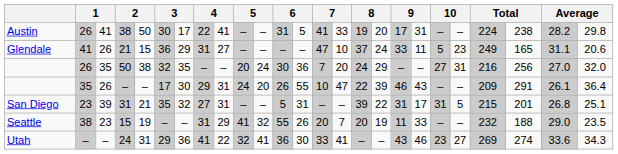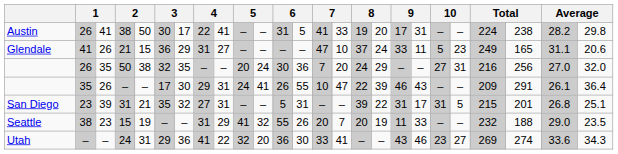 <table class="wikitable" style="text-align:center; font-size:96%;">
 <tr>
 <th></th>
 <th colspan=2 style="width:3.1em;">1</th>
 <th colspan=2 style="width:3.1em;">2</th>
 <th colspan=2 style="width:3.1em;">3</th>
 <th colspan=2 style="width:3.1em;">4</th>
 <th colspan=2 style="width:3.1em;">5</th>
 <th colspan=2 style="width:3.1em;">6</th>
 <th colspan=2 style="width:3.1em;">7</th>
 <th colspan=2 style="width:3.1em;">8</th>
 <th colspan=2 style="width:3.1em;">9</th>
 <th colspan=2 style="width:3.1em;">10</th>
 <th colspan=2 style="width:6.0em;">Total</th>
 <th colspan=2 style="width:6.0em;">Average</th>
 </tr>
 <tr>
 <td style="text-align:left; width:6.0em;"><a href='#'>Austin</a></td>
 <td style="background:#ccc;">26</td>
 <td>41</td>
 <td style="background:#ccc;">38</td>
 <td>50</td>
 <td style="background:#ccc;">30</td>
 <td>17</td>
 <td style="background:#ccc;">22</td>
 <td>41</td>
 <td style="background:#ccc;">–</td>
 <td>–</td>
 <td style="background:#ccc;">31</td>
 <td>5</td>
 <td style="background:#ccc;">41</td>
 <td>33</td>
 <td style="background:#ccc;">19</td>
 <td>20</td>
 <td style="background:#ccc;">17</td>
 <td>31</td>
 <td style="background:#ccc;">–</td>
 <td>–</td>
 <td style="background:#ccc;">224</td>
 <td>238</td>
 <td style="background:#ccc;">28.2</td>
 <td>29.8</td>
 </tr>
 <tr>
 <td align=left><a href='#'>Glendale</a></td>
 <td style="background:#ccc;">41</td>
 <td>26</td>
 <td style="background:#ccc;">21</td>
 <td>15</td>
 <td style="background:#ccc;">36</td>
 <td>29</td>
 <td style="background:#ccc;">31</td>
 <td>27</td>
 <td style="background:#ccc;">–</td>
 <td>–</td>
 <td style="background:#ccc;">–</td>
 <td>–</td>
 <td style="background:#ccc;">47</td>
 <td>10</td>
 <td style="background:#ccc;">37</td>
 <td>24</td>
 <td style="background:#ccc;">33</td>
 <td>11</td>
 <td style="background:#ccc;">5</td>
 <td>23</td>
 <td style="background:#ccc;">249</td>
 <td>165</td>
 <td style="background:#ccc;">31.1</td>
 <td>20.6</td>
 </tr>
 <tr>
 <td align=left></td>
 <td style="background:#ccc;">26</td>
 <td>35</td>
 <td style="background:#ccc;">50</td>
 <td>38</td>
 <td style="background:#ccc;">32</td>
 <td>35</td>
 <td style="background:#ccc;">–</td>
 <td>–</td>
 <td style="background:#ccc;">20</td>
 <td>24</td>
 <td style="background:#ccc;">30</td>
 <td>36</td>
 <td style="background:#ccc;">7</td>
 <td>20</td>
 <td style="background:#ccc;">24</td>
 <td>29</td>
 <td style="background:#ccc;">–</td>
 <td>–</td>
 <td style="background:#ccc;">27</td>
 <td>31</td>
 <td style="background:#ccc;">216</td>
 <td>256</td>
 <td style="background:#ccc;">27.0</td>
 <td>32.0</td>
 </tr>
 <tr>
 <td align=left></td>
 <td style="background:#ccc;">35</td>
 <td>26</td>
 <td style="background:#ccc;">–</td>
 <td>–</td>
 <td style="background:#ccc;">17</td>
 <td>30</td>
 <td style="background:#ccc;">29</td>
 <td>31</td>
 <td style="background:#ccc;">24</td>
-<td>20</td>
+<td>41</td>
 <td style="background:#ccc;">26</td>
 <td>55</td>
 <td style="background:#ccc;">10</td>
 <td>47</td>
 <td style="background:#ccc;">22</td>
 <td>39</td>
 <td style="background:#ccc;">46</td>
 <td>43</td>
 <td style="background:#ccc;">–</td>
 <td>–</td>
 <td style="background:#ccc;">209</td>
 <td>291</td>
 <td style="background:#ccc;">26.1</td>
 <td>36.4</td>
 </tr>
 <tr>
 <td align=left><a href='#'>San Diego</a></td>
 <td style="background:#ccc;">23</td>
 <td>39</td>
 <td style="background:#ccc;">31</td>
 <td>21</td>
 <td style="background:#ccc;">35</td>
 <td>32</td>
 <td style="background:#ccc;">27</td>
 <td>31</td>
 <td style="background:#ccc;">–</td>
 <td>–</td>
 <td style="background:#ccc;">5</td>
 <td>31</td>
 <td style="background:#ccc;">–</td>
 <td>–</td>
 <td style="background:#ccc;">39</td>
 <td>22</td>
 <td style="background:#ccc;">31</td>
 <td>17</td>
 <td style="background:#ccc;">31</td>
 <td>5</td>
 <td style="background:#ccc;">215</td>
 <td>201</td>
 <td style="background:#ccc;">26.8</td>
 <td>25.1</td>
 </tr>
 <tr>
 <td align=left><a href='#'>Seattle</a></td>
 <td style="background:#ccc;">38</td>
 <td>23</td>
 <td style="background:#ccc;">15</td>
 <td>19</td>
 <td style="background:#ccc;">–</td>
 <td>–</td>
 <td style="background:#ccc;">31</td>
 <td>29</td>
 <td style="background:#ccc;">41</td>
 <td>32</td>
 <td style="background:#ccc;">55</td>
 <td>26</td>
 <td style="background:#ccc;">20</td>
 <td>7</td>
 <td style="background:#ccc;">20</td>
 <td>19</td>
 <td style="background:#ccc;">11</td>
 <td>33</td>
 <td style="background:#ccc;">–</td>
 <td>–</td>
 <td style="background:#ccc;">232</td>
 <td>188</td>
 <td style="background:#ccc;">29.0</td>
 <td>23.5</td>
 </tr>
 <tr>
 <td align=left><a href='#'>Utah</a></td>
 <td style="background:#ccc;">–</td>
 <td>–</td>
 <td style="background:#ccc;">24</td>
 <td>31</td>
 <td style="background:#ccc;">29</td>
 <td>36</td>
 <td style="background:#ccc;">41</td>
 <td>22</td>
 <td style="background:#ccc;">32</td>
-<td>41</td>
+<td>20</td>
 <td style="background:#ccc;">36</td>
 <td>30</td>
 <td style="background:#ccc;">33</td>
 <td>41</td>
 <td style="background:#ccc;">–</td>
 <td>–</td>
 <td style="background:#ccc;">43</td>
 <td>46</td>
 <td style="background:#ccc;">23</td>
 <td>27</td>
 <td style="background:#ccc;">269</td>
 <td>274</td>
 <td style="background:#ccc;">33.6</td>
 <td>34.3</td>
 </tr>
 </table>
